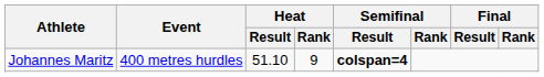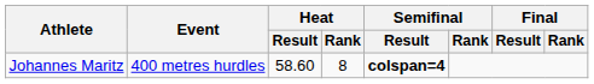 <table class="wikitable" style="font-size:90%">
 <tr>
 <th rowspan="2">Athlete</th>
 <th rowspan="2">Event</th>
 <th colspan="2">Heat</th>
 <th colspan="2">Semifinal</th>
 <th colspan="2">Final</th>
 </tr>
 <tr style="font-size:95%">
 <th>Result</th>
 <th>Rank</th>
 <th>Result</th>
 <th>Rank</th>
 <th>Result</th>
 <th>Rank</th>
 </tr>
 <tr style=text-align:center>
 <td style=text-align:left><a href='#'>Johannes Maritz</a></td>
 <td style=text-align:left><a href='#'>400 metres hurdles</a></td>
-<td>51.10</td>
-<td>9</td>
+<td>58.60</td>
+<td>8</td>
 <td><strong>colspan=4 </strong></td>
 </tr>
 </table>
